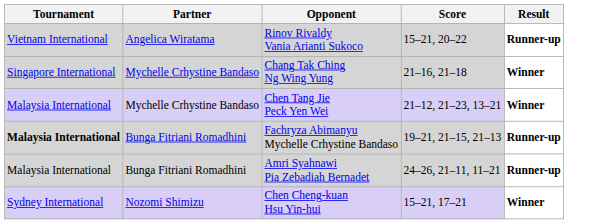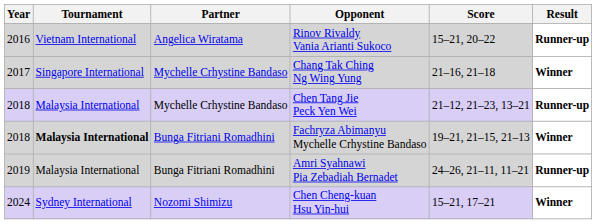 <table class="sortable wikitable" style="font-size: 90%;">
 <tr>
+<th>Year</th>
 <th>Tournament</th>
 <th>Partner</th>
 <th>Opponent</th>
 <th>Score</th>
 <th>Result</th>
 </tr>
 <tr style="background:#D5D5D5">
+<td align="center">2016</td>
 <td align="left"><a href='#'>Vietnam International</a></td>
 <td align="left"> <a href='#'>Angelica Wiratama</a></td>
 <td align="left"> <a href='#'>Rinov Rivaldy</a><br> <a href='#'>Vania Arianti Sukoco</a></td>
 <td align="left">15–21, 20–22</td>
 <td style="text-align:left; background:white"> <strong>Runner-up</strong></td>
 </tr>
 <tr style="background:#D5D5D5">
+<td align="center">2017</td>
 <td align="left"><a href='#'>Singapore International</a></td>
 <td align="left"> <a href='#'>Mychelle Crhystine Bandaso</a></td>
 <td align="left"> <a href='#'>Chang Tak Ching</a><br> <a href='#'>Ng Wing Yung</a></td>
 <td align="left">21–16, 21–18</td>
 <td style="text-align:left; background:white"> <strong>Winner</strong></td>
 </tr>
 <tr style="background:#D8CEF6">
+<td align="center">2018</td>
 <td align="left"><a href='#'>Malaysia International</a></td>
 <td align="left"> Mychelle Crhystine Bandaso</td>
 <td align="left"> <a href='#'>Chen Tang Jie</a><br> <a href='#'>Peck Yen Wei</a></td>
 <td align="left">21–12, 21–23, 13–21</td>
-<td style="text-align:left; background:white"> <strong>Winner</strong></td>
+<td style="text-align:left; background:white"> <strong>Runner-up</strong></td>
 </tr>
 <tr style="background:#D5D5D5">
+<td align="center">2018</td>
 <td align="left"><strong>Malaysia International</strong></td>
 <td align="left"> <a href='#'>Bunga Fitriani Romadhini</a></td>
 <td align="left"> <a href='#'>Fachryza Abimanyu</a><br> Mychelle Crhystine Bandaso</td>
 <td align="left">19–21, 21–15, 21–13</td>
-<td style="text-align:left; background:white"> <strong>Runner-up</strong></td>
+<td style="text-align:left; background:white"> <strong>Winner</strong></td>
 </tr>
 <tr style="background:#D5D5D5">
+<td align="center">2019</td>
 <td align="left">Malaysia International</td>
 <td align="left"> Bunga Fitriani Romadhini</td>
 <td align="left"> <a href='#'>Amri Syahnawi</a><br> <a href='#'>Pia Zebadiah Bernadet</a></td>
 <td align="left">24–26, 21–11, 11–21</td>
 <td style="text-align:left; background:white"> <strong>Runner-up</strong></td>
 </tr>
 <tr style="background:#D8CEF6">
+<td align="center">2024</td>
 <td align="left"><a href='#'>Sydney International</a></td>
 <td align="left"> <a href='#'>Nozomi Shimizu</a></td>
 <td align="left"> <a href='#'>Chen Cheng-kuan</a><br> <a href='#'>Hsu Yin-hui</a></td>
 <td align="left">15–21, 17–21</td>
 <td style="text-align:left; background:white"> <strong>Winner</strong></td>
 </tr>
 </table>
